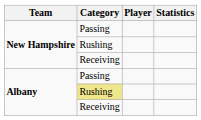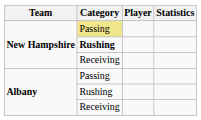 <table class="wikitable" style="float: right;">
 <tr>
 <th>Team</th>
 <th>Category</th>
 <th>Player</th>
 <th>Statistics</th>
 </tr>
 <tr>
 <td rowspan=3><strong>New Hampshire</strong></td>
-<td>Passing</td>
+<td style="background: khaki;">Passing</td>
 <td></td>
 <td></td>
 </tr>
 <tr>
-<td>Rushing</td>
+<td><strong>Rushing</strong></td>
 <td></td>
 <td></td>
 </tr>
 <tr>
 <td>Receiving</td>
 <td></td>
 <td></td>
 </tr>
 <tr>
 <td rowspan=3><strong>Albany</strong></td>
 <td>Passing</td>
 <td></td>
 <td></td>
 </tr>
 <tr>
-<td style="background: khaki;">Rushing</td>
+<td>Rushing</td>
 <td></td>
 <td></td>
 </tr>
 <tr>
 <td>Receiving</td>
 <td></td>
 <td></td>
 </tr>
 </table>
